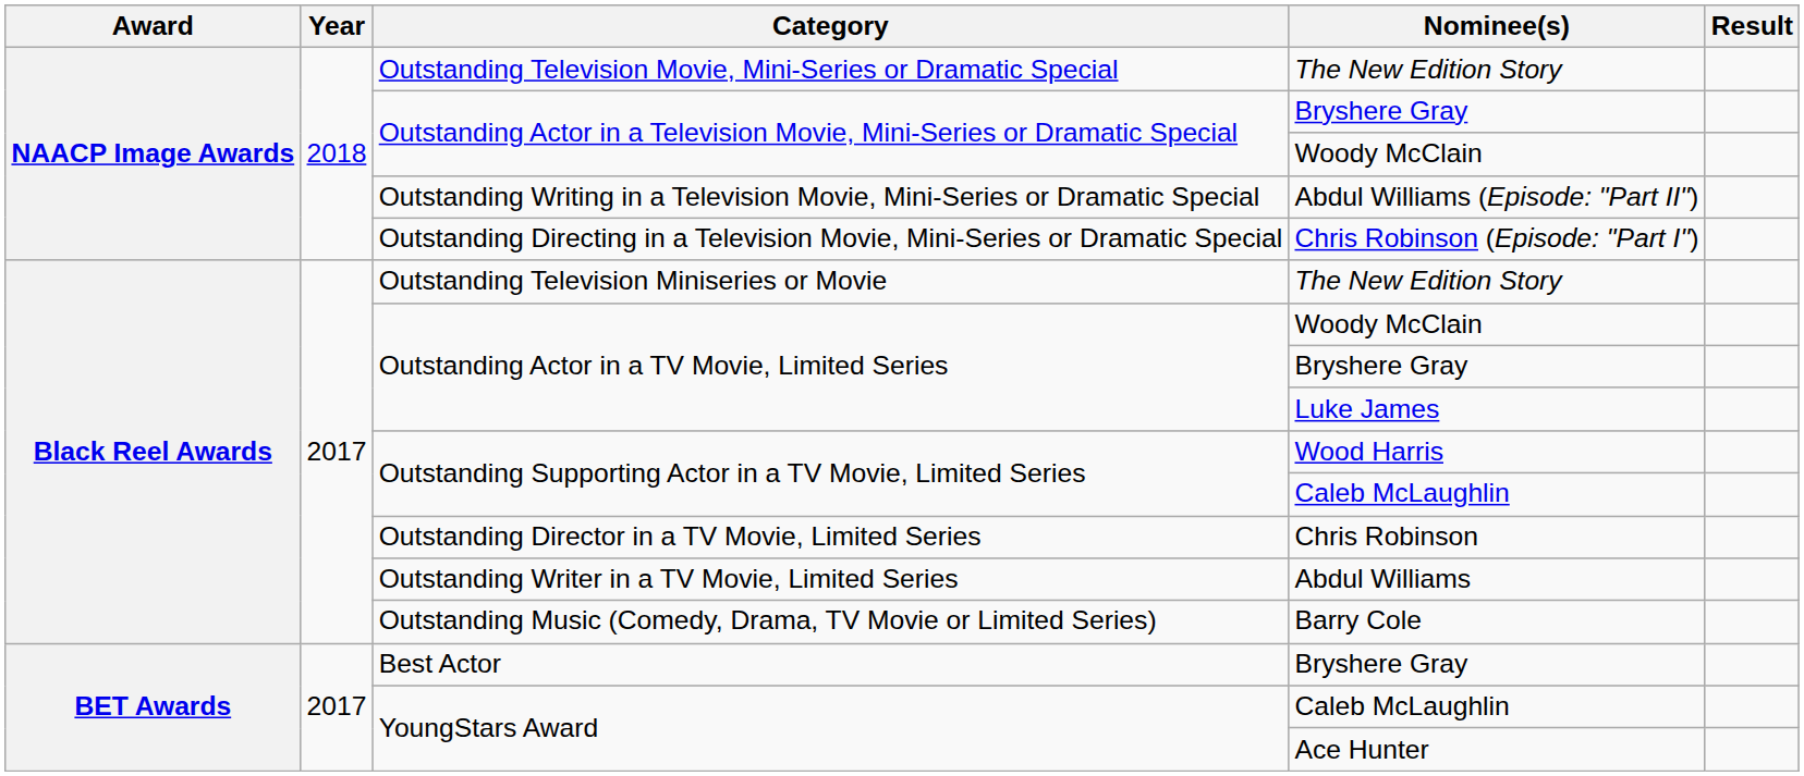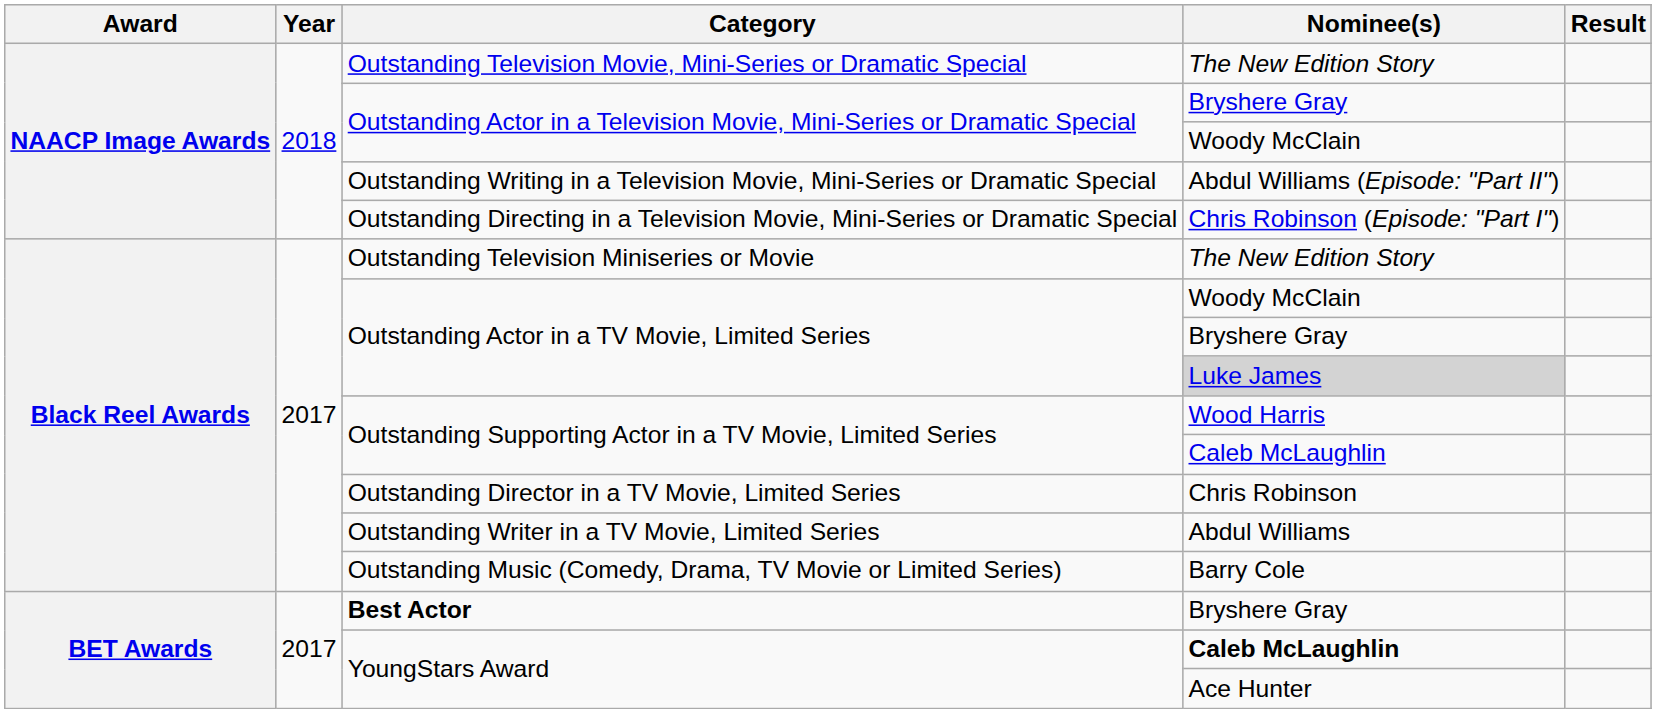 <table class="wikitable plainrowheaders">
 <tr>
 <th scope="col">Award</th>
 <th scope="col">Year</th>
 <th scope="col">Category</th>
 <th scope="col">Nominee(s)</th>
 <th scope="col">Result</th>
 </tr>
 <tr>
 <th rowspan="5"><a href='#'>NAACP Image Awards</a></th>
 <td rowspan="5"><a href='#'>2018</a></td>
 <td><a href='#'>Outstanding Television Movie, Mini-Series or Dramatic Special</a></td>
 <td><em>The New Edition Story</em></td>
 <td></td>
 </tr>
 <tr>
 <td rowspan="2"><a href='#'>Outstanding Actor in a Television Movie, Mini-Series or Dramatic Special</a></td>
 <td><a href='#'>Bryshere Gray</a></td>
 <td></td>
 </tr>
 <tr>
 <td>Woody McClain</td>
 <td></td>
 </tr>
 <tr>
 <td>Outstanding Writing in a Television Movie, Mini-Series or Dramatic Special</td>
 <td>Abdul Williams (<em>Episode: "Part II"</em>)</td>
 <td></td>
 </tr>
 <tr>
 <td>Outstanding Directing in a Television Movie, Mini-Series or Dramatic Special</td>
 <td><a href='#'>Chris Robinson</a> (<em>Episode: "Part I"</em>)</td>
 <td></td>
 </tr>
 <tr>
 <th scope="rowgroup" rowspan="9"><a href='#'>Black Reel Awards</a></th>
 <td rowspan="9">2017</td>
 <td>Outstanding Television Miniseries or Movie</td>
 <td><em>The New Edition Story</em></td>
 <td></td>
 </tr>
 <tr>
 <td rowspan="3">Outstanding Actor in a TV Movie, Limited Series</td>
 <td>Woody McClain</td>
 <td></td>
 </tr>
 <tr>
 <td>Bryshere Gray</td>
 <td></td>
 </tr>
 <tr>
-<td><a href='#'>Luke James</a></td>
+<td style="background: lightgrey;"><a href='#'>Luke James</a></td>
 <td></td>
 </tr>
 <tr>
 <td rowspan="2">Outstanding Supporting Actor in a TV Movie, Limited Series</td>
 <td><a href='#'>Wood Harris</a></td>
 <td></td>
 </tr>
 <tr>
 <td><a href='#'>Caleb McLaughlin</a></td>
 <td></td>
 </tr>
 <tr>
 <td>Outstanding Director in a TV Movie, Limited Series</td>
 <td>Chris Robinson</td>
 <td></td>
 </tr>
 <tr>
 <td>Outstanding Writer in a TV Movie, Limited Series</td>
 <td>Abdul Williams</td>
 <td></td>
 </tr>
 <tr>
 <td>Outstanding Music (Comedy, Drama, TV Movie or Limited Series)</td>
 <td>Barry Cole</td>
 <td></td>
 </tr>
 <tr>
 <th scope="rowgroup" rowspan="3"><a href='#'>BET Awards</a></th>
 <td rowspan="3">2017</td>
-<td>Best Actor</td>
+<td><strong>Best Actor</strong></td>
 <td>Bryshere Gray</td>
 <td></td>
 </tr>
 <tr>
 <td rowspan="2">YoungStars Award</td>
-<td>Caleb McLaughlin</td>
+<td><strong>Caleb McLaughlin</strong></td>
 <td></td>
 </tr>
 <tr>
 <td>Ace Hunter</td>
 <td></td>
 </tr>
 </table>
